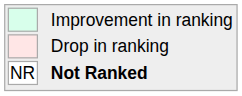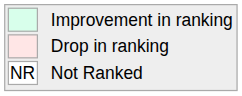 <table align="right" style="font-size:90%; border:1px solid #aaaaaa; white-space:nowrap; background:#eeeeee;">
 <tr>
 <td style="background:#d8ffeb; width:20px; border:1px solid #aaaaaa;"> </td>
 <td rowspan="5"> </td>
 <td>Improvement in ranking</td>
 </tr>
 <tr>
 <td style="background:#ffe6e6; width:20px; border:1px solid #aaaaaa;"> </td>
 <td>Drop in ranking</td>
 </tr>
 <tr>
 <td align="center" style="width:20px; border:1px solid #aaaaaa; background:white;">NR</td>
-<td><strong>Not Ranked</strong></td>
+<td>Not Ranked</td>
 </tr>
 <tr>
 </tr>
 </table>
